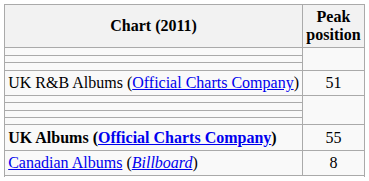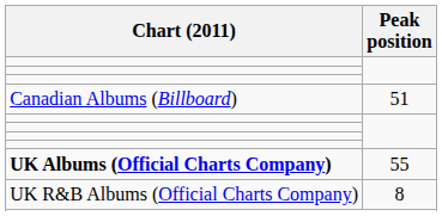 <table class="wikitable sortable plainrowheaders">
 <tr>
 <th scope="col">Chart (2011)</th>
 <th scope="col">Peak<br>position</th>
 </tr>
 <tr>
 <td></td>
 </tr>
 <tr>
 <td></td>
 </tr>
 <tr>
 <td></td>
 </tr>
 <tr>
-<td>UK R&B Albums (<a href='#'>Official Charts Company</a>)</td>
+<td><a href='#'>Canadian Albums</a> (<a href='#'><em>Billboard</em></a>)</td>
 <td style="text-align:center;">51</td>
 </tr>
 <tr>
 </tr>
 <tr>
 </tr>
 <tr>
 </tr>
 <tr>
 <td></td>
 </tr>
 <tr>
 <td></td>
 </tr>
 <tr>
 <td></td>
 </tr>
 <tr>
 <td></td>
 </tr>
 <tr>
 <td><strong>UK Albums (<a href='#'>Official Charts Company</a>)</strong></td>
 <td style="text-align:center;">55</td>
 </tr>
 <tr>
-<td><a href='#'>Canadian Albums</a> (<a href='#'><em>Billboard</em></a>)</td>
+<td>UK R&B Albums (<a href='#'>Official Charts Company</a>)</td>
 <td style="text-align:center;">8</td>
 </tr>
 <tr>
 </tr>
 <tr>
 </tr>
 <tr>
 </tr>
 <tr>
 </tr>
 </table>
